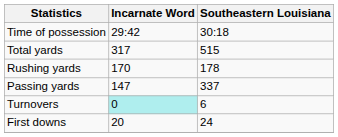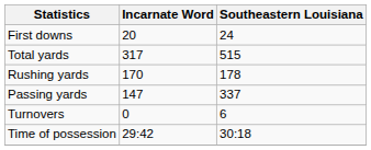 <table class="wikitable">
 <tr>
 <th>Statistics</th>
 <th>Incarnate Word</th>
 <th>Southeastern Louisiana</th>
 </tr>
 <tr>
-<td>Time of possession</td>
-<td>29:42</td>
-<td>30:18</td>
+<td>First downs</td>
+<td>20</td>
+<td>24</td>
 </tr>
 <tr>
 <td>Total yards</td>
 <td>317</td>
 <td>515</td>
 </tr>
 <tr>
 <td>Rushing yards</td>
 <td>170</td>
 <td>178</td>
 </tr>
 <tr>
 <td>Passing yards</td>
 <td>147</td>
 <td>337</td>
 </tr>
 <tr>
 <td>Turnovers</td>
-<td style="background: paleturquoise;">0</td>
+<td>0</td>
 <td>6</td>
 </tr>
 <tr>
-<td>First downs</td>
-<td>20</td>
-<td>24</td>
+<td>Time of possession</td>
+<td>29:42</td>
+<td>30:18</td>
 </tr>
 <tr>
 </tr>
 </table>
